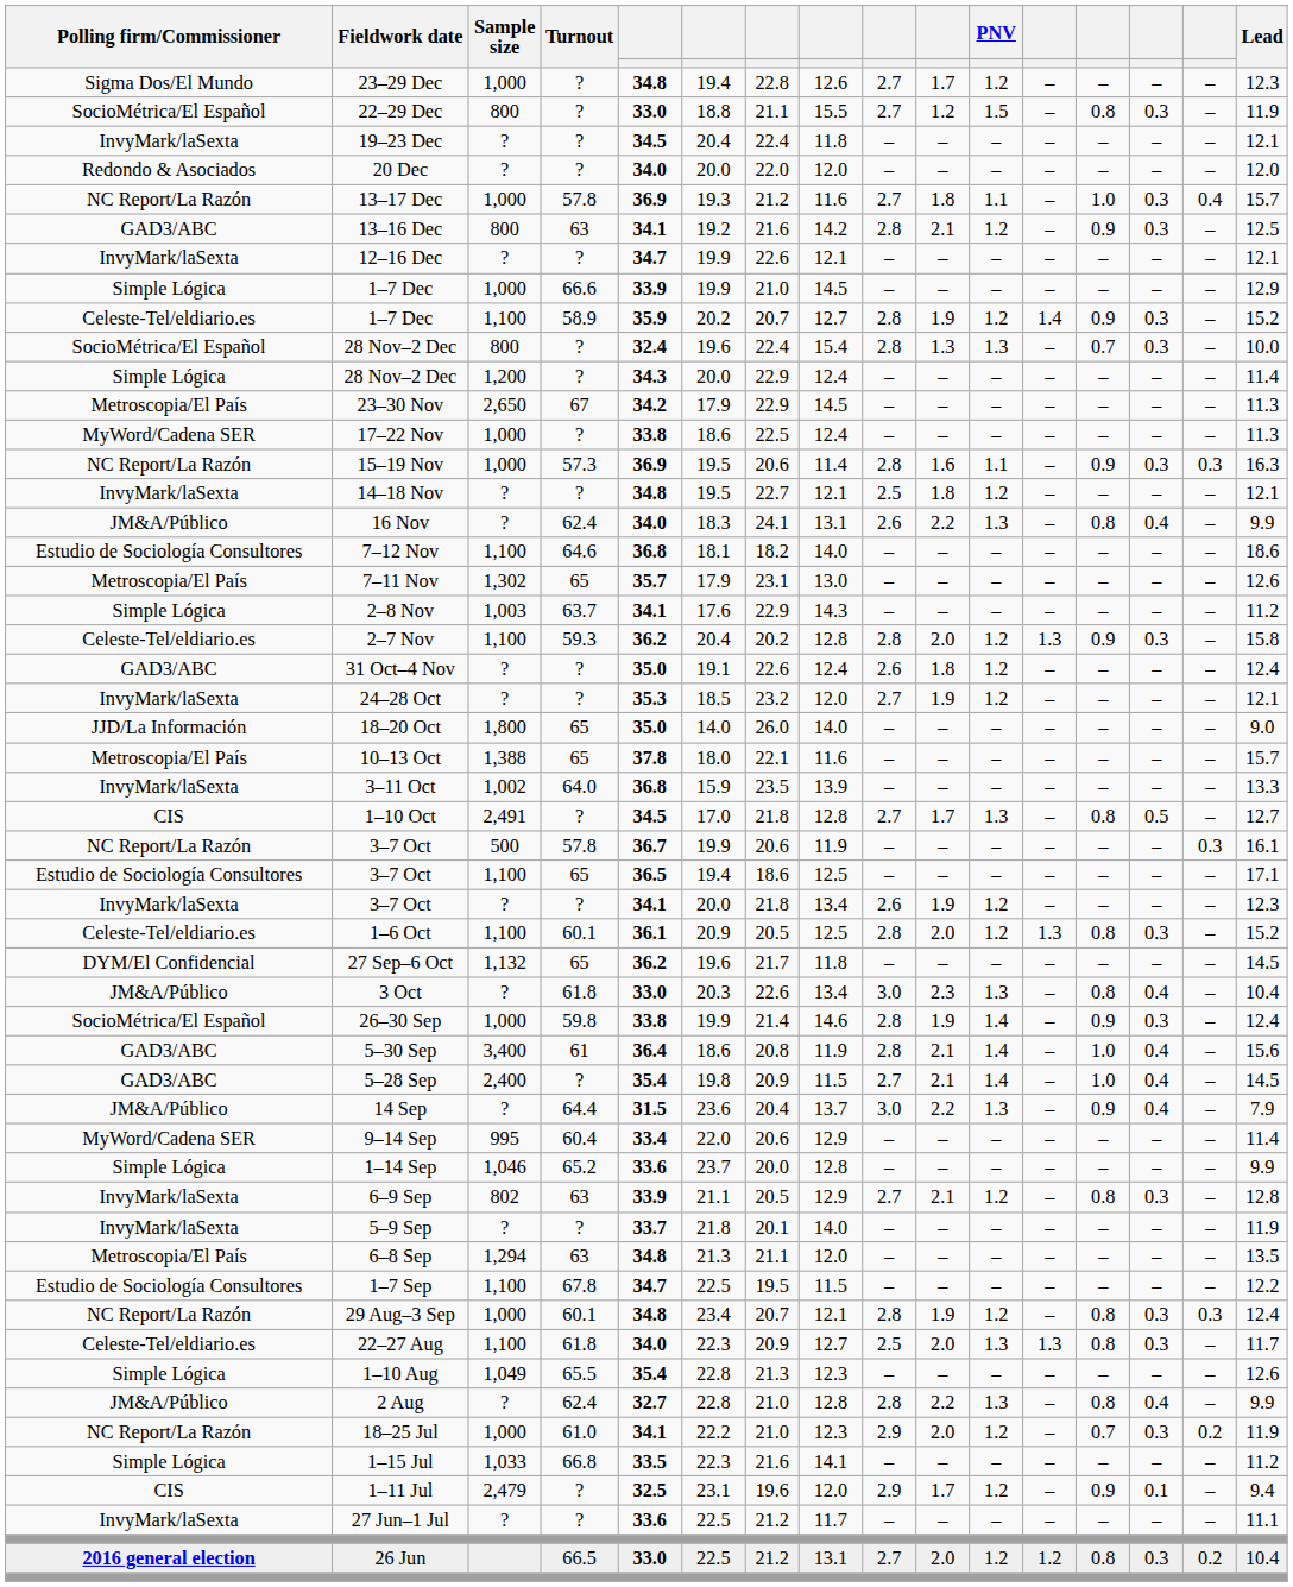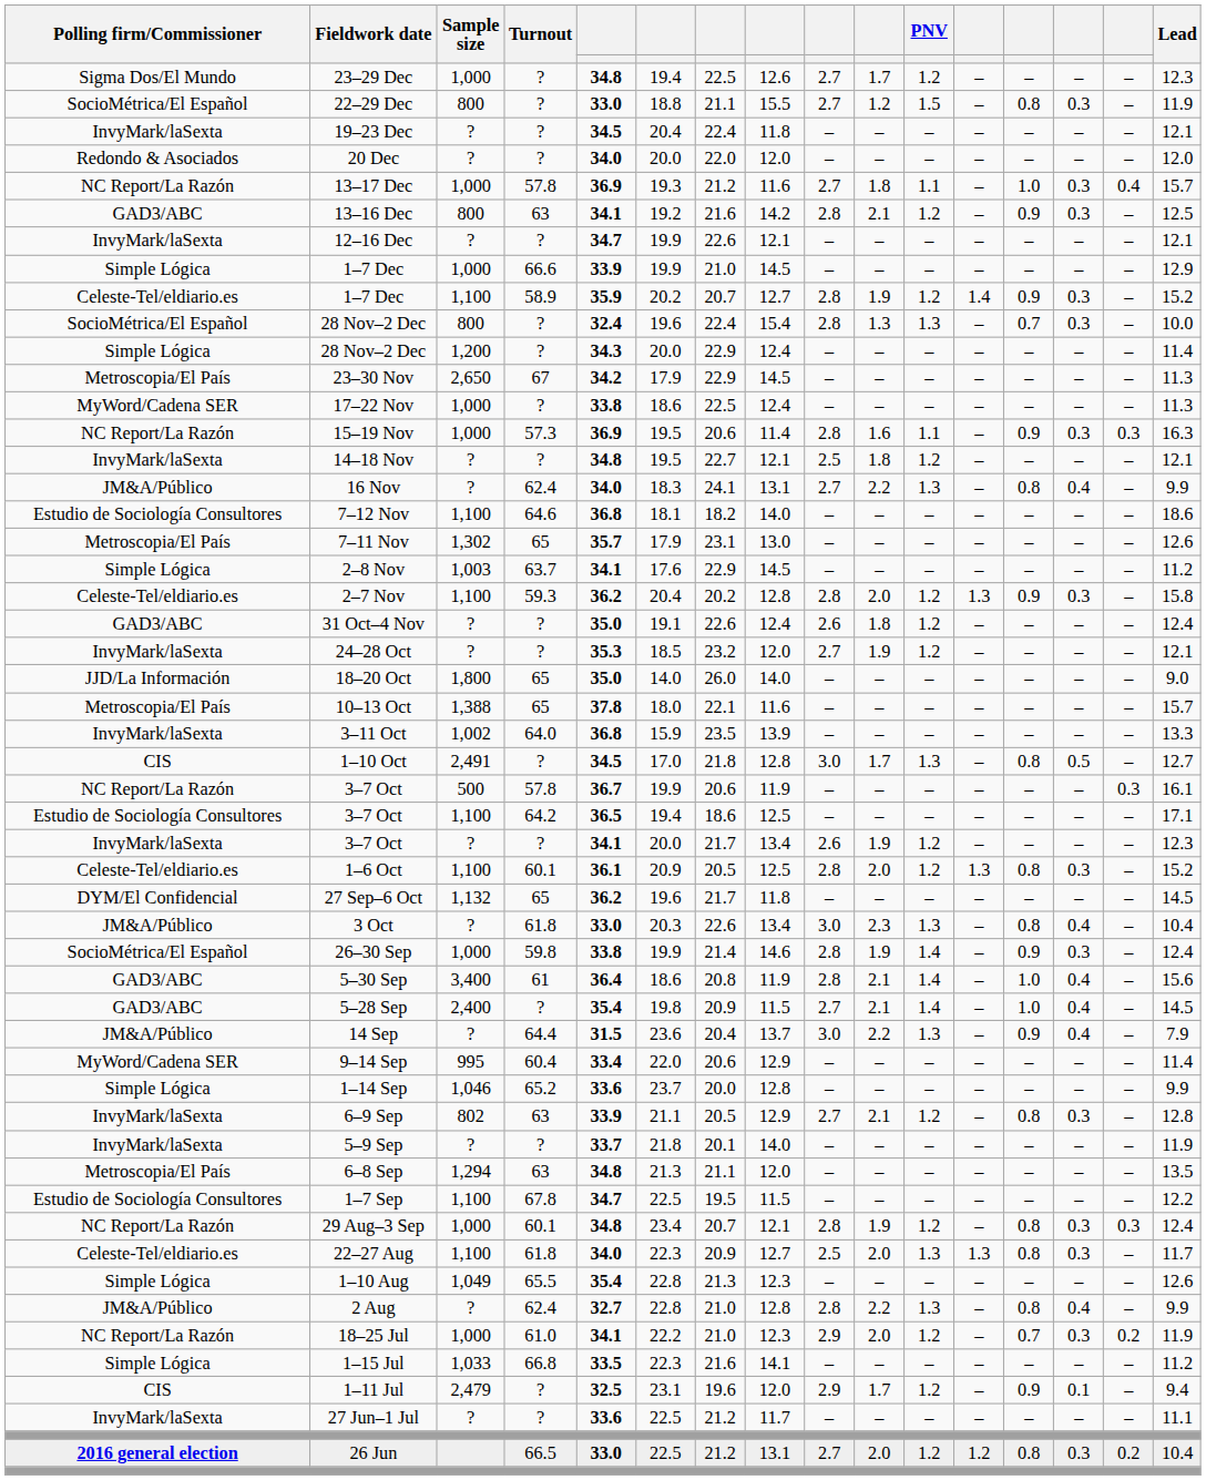 <table class="wikitable collapsible collapsed" style="text-align:center; font-size:95%; line-height:16px;">
 <tr style="height:42px;">
 <th style="width:250px;" rowspan="2">Polling firm/Commissioner</th>
 <th style="width:100px;" rowspan="2">Fieldwork date</th>
 <th style="width:50px;" rowspan="2">Sample size</th>
 <th style="width:45px;" rowspan="2">Turnout</th>
 <th style="width:43px;"></th>
 <th style="width:43px;"></th>
 <th style="width:35px;"></th>
 <th style="width:43px;"></th>
 <th style="width:35px;"></th>
 <th style="width:35px;"></th>
 <th style="width:35px;"><a href='#'>PNV</a></th>
 <th style="width:35px;"></th>
 <th style="width:35px;"></th>
 <th style="width:35px;"></th>
 <th style="width:35px;"></th>
 <th style="width:30px;" rowspan="2">Lead</th>
 </tr>
 <tr>
 <th style="color:inherit;background:"></th>
 <th style="color:inherit;background:"></th>
 <th style="color:inherit;background:"></th>
 <th style="color:inherit;background:"></th>
 <th style="color:inherit;background:"></th>
 <th style="color:inherit;background:"></th>
 <th style="color:inherit;background:"></th>
 <th style="color:inherit;background:"></th>
 <th style="color:inherit;background:"></th>
 <th style="color:inherit;background:"></th>
 <th style="color:inherit;background:"></th>
 </tr>
 <tr>
 <td>Sigma Dos/El Mundo</td>
 <td>23–29 Dec</td>
 <td>1,000</td>
 <td>?</td>
 <td><strong>34.8</strong></td>
 <td>19.4</td>
-<td>22.8</td>
+<td>22.5</td>
 <td>12.6</td>
 <td>2.7</td>
 <td>1.7</td>
 <td>1.2</td>
 <td>–</td>
 <td>–</td>
 <td>–</td>
 <td>–</td>
 <td style="background:">12.3</td>
 </tr>
 <tr>
 <td>SocioMétrica/El Español</td>
 <td>22–29 Dec</td>
 <td>800</td>
 <td>?</td>
 <td><strong>33.0</strong><br></td>
 <td>18.8<br></td>
 <td>21.1<br></td>
 <td>15.5<br></td>
 <td>2.7<br></td>
 <td>1.2<br></td>
 <td>1.5<br></td>
 <td>–</td>
 <td>0.8<br></td>
 <td>0.3<br></td>
 <td>–</td>
 <td style="background:">11.9</td>
 </tr>
 <tr>
 <td>InvyMark/laSexta</td>
 <td>19–23 Dec</td>
 <td>?</td>
 <td>?</td>
 <td><strong>34.5</strong></td>
 <td>20.4</td>
 <td>22.4</td>
 <td>11.8</td>
 <td>–</td>
 <td>–</td>
 <td>–</td>
 <td>–</td>
 <td>–</td>
 <td>–</td>
 <td>–</td>
 <td style="background:">12.1</td>
 </tr>
 <tr>
 <td>Redondo & Asociados</td>
 <td>20 Dec</td>
 <td>?</td>
 <td>?</td>
 <td><strong>34.0</strong></td>
 <td>20.0</td>
 <td>22.0</td>
 <td>12.0</td>
 <td>–</td>
 <td>–</td>
 <td>–</td>
 <td>–</td>
 <td>–</td>
 <td>–</td>
 <td>–</td>
 <td style="background:">12.0</td>
 </tr>
 <tr>
 <td>NC Report/La Razón</td>
 <td>13–17 Dec</td>
 <td>1,000</td>
 <td>57.8</td>
 <td><strong>36.9</strong><br></td>
 <td>19.3<br></td>
 <td>21.2<br></td>
 <td>11.6<br></td>
 <td>2.7<br></td>
 <td>1.8<br></td>
 <td>1.1<br></td>
 <td>–</td>
 <td>1.0<br></td>
 <td>0.3<br></td>
 <td>0.4<br></td>
 <td style="background:">15.7</td>
 </tr>
 <tr>
 <td>GAD3/ABC</td>
 <td>13–16 Dec</td>
 <td>800</td>
 <td>63</td>
 <td><strong>34.1</strong><br></td>
 <td>19.2<br></td>
 <td>21.6<br></td>
 <td>14.2<br></td>
 <td>2.8<br></td>
 <td>2.1<br></td>
 <td>1.2<br></td>
 <td>–</td>
 <td>0.9<br></td>
 <td>0.3<br></td>
 <td>–</td>
 <td style="background:">12.5</td>
 </tr>
 <tr>
 <td>InvyMark/laSexta</td>
 <td>12–16 Dec</td>
 <td>?</td>
 <td>?</td>
 <td><strong>34.7</strong></td>
 <td>19.9</td>
 <td>22.6</td>
 <td>12.1</td>
 <td>–</td>
 <td>–</td>
 <td>–</td>
 <td>–</td>
 <td>–</td>
 <td>–</td>
 <td>–</td>
 <td style="background:">12.1</td>
 </tr>
 <tr>
 <td>Simple Lógica</td>
 <td>1–7 Dec</td>
 <td>1,000</td>
 <td>66.6</td>
 <td><strong>33.9</strong></td>
 <td>19.9</td>
 <td>21.0</td>
 <td>14.5</td>
 <td>–</td>
 <td>–</td>
 <td>–</td>
 <td>–</td>
 <td>–</td>
 <td>–</td>
 <td>–</td>
 <td style="background:">12.9</td>
 </tr>
 <tr>
 <td>Celeste-Tel/eldiario.es</td>
 <td>1–7 Dec</td>
 <td>1,100</td>
 <td>58.9</td>
 <td><strong>35.9</strong><br></td>
 <td>20.2<br></td>
 <td>20.7<br></td>
 <td>12.7<br></td>
 <td>2.8<br></td>
 <td>1.9<br></td>
 <td>1.2<br></td>
 <td>1.4<br></td>
 <td>0.9<br></td>
 <td>0.3<br></td>
 <td>–</td>
 <td style="background:">15.2</td>
 </tr>
 <tr>
 <td>SocioMétrica/El Español</td>
 <td>28 Nov–2 Dec</td>
 <td>800</td>
 <td>?</td>
 <td><strong>32.4</strong><br></td>
 <td>19.6<br></td>
 <td>22.4<br></td>
 <td>15.4<br></td>
 <td>2.8<br></td>
 <td>1.3<br></td>
 <td>1.3<br></td>
 <td>–</td>
 <td>0.7<br></td>
 <td>0.3<br></td>
 <td>–</td>
 <td style="background:">10.0</td>
 </tr>
 <tr>
 <td>Simple Lógica</td>
 <td>28 Nov–2 Dec</td>
 <td>1,200</td>
 <td>?</td>
 <td><strong>34.3</strong></td>
 <td>20.0</td>
 <td>22.9</td>
 <td>12.4</td>
 <td>–</td>
 <td>–</td>
 <td>–</td>
 <td>–</td>
 <td>–</td>
 <td>–</td>
 <td>–</td>
 <td style="background:">11.4</td>
 </tr>
 <tr>
 <td>Metroscopia/El País</td>
 <td>23–30 Nov</td>
 <td>2,650</td>
 <td>67</td>
 <td><strong>34.2</strong></td>
 <td>17.9</td>
 <td>22.9</td>
 <td>14.5</td>
 <td>–</td>
 <td>–</td>
 <td>–</td>
 <td>–</td>
 <td>–</td>
 <td>–</td>
 <td>–</td>
 <td style="background:">11.3</td>
 </tr>
 <tr>
 <td>MyWord/Cadena SER</td>
 <td>17–22 Nov</td>
 <td>1,000</td>
 <td>?</td>
 <td><strong>33.8</strong></td>
 <td>18.6</td>
 <td>22.5</td>
 <td>12.4</td>
 <td>–</td>
 <td>–</td>
 <td>–</td>
 <td>–</td>
 <td>–</td>
 <td>–</td>
 <td>–</td>
 <td style="background:">11.3</td>
 </tr>
 <tr>
 <td>NC Report/La Razón</td>
 <td>15–19 Nov</td>
 <td>1,000</td>
 <td>57.3</td>
 <td><strong>36.9</strong><br></td>
 <td>19.5<br></td>
 <td>20.6<br></td>
 <td>11.4<br></td>
 <td>2.8<br></td>
 <td>1.6<br></td>
 <td>1.1<br></td>
 <td>–</td>
 <td>0.9<br></td>
 <td>0.3<br></td>
 <td>0.3<br></td>
 <td style="background:">16.3</td>
 </tr>
 <tr>
 <td>InvyMark/laSexta</td>
 <td>14–18 Nov</td>
 <td>?</td>
 <td>?</td>
 <td><strong>34.8</strong></td>
 <td>19.5</td>
 <td>22.7</td>
 <td>12.1</td>
 <td>2.5</td>
 <td>1.8</td>
 <td>1.2</td>
 <td>–</td>
 <td>–</td>
 <td>–</td>
 <td>–</td>
 <td style="background:">12.1</td>
 </tr>
 <tr>
 <td>JM&A/Público</td>
 <td>16 Nov</td>
 <td>?</td>
 <td>62.4</td>
 <td><strong>34.0</strong><br></td>
 <td>18.3<br></td>
 <td>24.1<br></td>
 <td>13.1<br></td>
-<td>2.6</td>
+<td>2.7<br></td>
 <td>2.2<br></td>
 <td>1.3<br></td>
 <td>–</td>
 <td>0.8<br></td>
 <td>0.4<br></td>
 <td>–</td>
 <td style="background:">9.9</td>
 </tr>
 <tr>
 <td>Estudio de Sociología Consultores</td>
 <td>7–12 Nov</td>
 <td>1,100</td>
 <td>64.6</td>
 <td><strong>36.8</strong></td>
 <td>18.1</td>
 <td>18.2</td>
 <td>14.0</td>
 <td>–</td>
 <td>–</td>
 <td>–</td>
 <td>–</td>
 <td>–</td>
 <td>–</td>
 <td>–</td>
 <td style="background:">18.6</td>
 </tr>
 <tr>
 <td>Metroscopia/El País</td>
 <td>7–11 Nov</td>
 <td>1,302</td>
 <td>65</td>
 <td><strong>35.7</strong></td>
 <td>17.9</td>
 <td>23.1</td>
 <td>13.0</td>
 <td>–</td>
 <td>–</td>
 <td>–</td>
 <td>–</td>
 <td>–</td>
 <td>–</td>
 <td>–</td>
 <td style="background:">12.6</td>
 </tr>
 <tr>
 <td>Simple Lógica</td>
 <td>2–8 Nov</td>
 <td>1,003</td>
 <td>63.7</td>
 <td><strong>34.1</strong></td>
 <td>17.6</td>
 <td>22.9</td>
-<td>14.3</td>
+<td>14.5</td>
 <td>–</td>
 <td>–</td>
 <td>–</td>
 <td>–</td>
 <td>–</td>
 <td>–</td>
 <td>–</td>
 <td style="background:">11.2</td>
 </tr>
 <tr>
 <td>Celeste-Tel/eldiario.es</td>
 <td>2–7 Nov</td>
 <td>1,100</td>
 <td>59.3</td>
 <td><strong>36.2</strong><br></td>
 <td>20.4<br></td>
 <td>20.2<br></td>
 <td>12.8<br></td>
 <td>2.8<br></td>
 <td>2.0<br></td>
 <td>1.2<br></td>
 <td>1.3<br></td>
 <td>0.9<br></td>
 <td>0.3<br></td>
 <td>–</td>
 <td style="background:">15.8</td>
 </tr>
 <tr>
 <td>GAD3/ABC</td>
 <td>31 Oct–4 Nov</td>
 <td>?</td>
 <td>?</td>
 <td><strong>35.0</strong></td>
 <td>19.1</td>
 <td>22.6</td>
 <td>12.4</td>
 <td>2.6</td>
 <td>1.8</td>
 <td>1.2</td>
 <td>–</td>
 <td>–</td>
 <td>–</td>
 <td>–</td>
 <td style="background:">12.4</td>
 </tr>
 <tr>
 <td>InvyMark/laSexta</td>
 <td>24–28 Oct</td>
 <td>?</td>
 <td>?</td>
 <td><strong>35.3</strong></td>
 <td>18.5</td>
 <td>23.2</td>
 <td>12.0</td>
 <td>2.7</td>
 <td>1.9</td>
 <td>1.2</td>
 <td>–</td>
 <td>–</td>
 <td>–</td>
 <td>–</td>
 <td style="background:">12.1</td>
 </tr>
 <tr>
 <td>JJD/La Información</td>
 <td>18–20 Oct</td>
 <td>1,800</td>
 <td>65</td>
 <td><strong>35.0</strong></td>
 <td>14.0</td>
 <td>26.0</td>
 <td>14.0</td>
 <td>–</td>
 <td>–</td>
 <td>–</td>
 <td>–</td>
 <td>–</td>
 <td>–</td>
 <td>–</td>
 <td style="background:">9.0</td>
 </tr>
 <tr>
 <td>Metroscopia/El País</td>
 <td>10–13 Oct</td>
 <td>1,388</td>
 <td>65</td>
 <td><strong>37.8</strong></td>
 <td>18.0</td>
 <td>22.1</td>
 <td>11.6</td>
 <td>–</td>
 <td>–</td>
 <td>–</td>
 <td>–</td>
 <td>–</td>
 <td>–</td>
 <td>–</td>
 <td style="background:">15.7</td>
 </tr>
 <tr>
 <td>InvyMark/laSexta</td>
 <td>3–11 Oct</td>
 <td>1,002</td>
 <td>64.0</td>
 <td><strong>36.8</strong></td>
 <td>15.9</td>
 <td>23.5</td>
 <td>13.9</td>
 <td>–</td>
 <td>–</td>
 <td>–</td>
 <td>–</td>
 <td>–</td>
 <td>–</td>
 <td>–</td>
 <td style="background:">13.3</td>
 </tr>
 <tr>
 <td>CIS</td>
 <td>1–10 Oct</td>
 <td>2,491</td>
 <td>?</td>
 <td><strong>34.5</strong><br></td>
 <td>17.0<br></td>
 <td>21.8<br></td>
 <td>12.8<br></td>
-<td>2.7<br></td>
+<td>3.0<br></td>
 <td>1.7<br></td>
 <td>1.3<br></td>
 <td>–</td>
 <td>0.8<br></td>
 <td>0.5<br></td>
 <td>–</td>
 <td style="background:">12.7</td>
 </tr>
 <tr>
 <td>NC Report/La Razón</td>
 <td>3–7 Oct</td>
 <td>500</td>
 <td>57.8</td>
 <td><strong>36.7</strong></td>
 <td>19.9</td>
 <td>20.6</td>
 <td>11.9</td>
 <td>–</td>
 <td>–</td>
 <td>–</td>
 <td>–</td>
 <td>–</td>
 <td>–</td>
 <td>0.3</td>
 <td style="background:">16.1</td>
 </tr>
 <tr>
 <td>Estudio de Sociología Consultores</td>
 <td>3–7 Oct</td>
 <td>1,100</td>
-<td>65</td>
+<td>64.2</td>
 <td><strong>36.5</strong></td>
 <td>19.4</td>
 <td>18.6</td>
 <td>12.5</td>
 <td>–</td>
 <td>–</td>
 <td>–</td>
 <td>–</td>
 <td>–</td>
 <td>–</td>
 <td>–</td>
 <td style="background:">17.1</td>
 </tr>
 <tr>
 <td>InvyMark/laSexta</td>
 <td>3–7 Oct</td>
 <td>?</td>
 <td>?</td>
 <td><strong>34.1</strong></td>
 <td>20.0</td>
-<td>21.8</td>
+<td>21.7</td>
 <td>13.4</td>
 <td>2.6</td>
 <td>1.9</td>
 <td>1.2</td>
 <td>–</td>
 <td>–</td>
 <td>–</td>
 <td>–</td>
 <td style="background:">12.3</td>
 </tr>
 <tr>
 <td>Celeste-Tel/eldiario.es</td>
 <td>1–6 Oct</td>
 <td>1,100</td>
 <td>60.1</td>
 <td><strong>36.1</strong><br></td>
 <td>20.9<br></td>
 <td>20.5<br></td>
 <td>12.5<br></td>
 <td>2.8<br></td>
 <td>2.0<br></td>
 <td>1.2<br></td>
 <td>1.3<br></td>
 <td>0.8<br></td>
 <td>0.3<br></td>
 <td>–</td>
 <td style="background:">15.2</td>
 </tr>
 <tr>
 <td>DYM/El Confidencial</td>
 <td>27 Sep–6 Oct</td>
 <td>1,132</td>
 <td>65</td>
 <td><strong>36.2</strong></td>
 <td>19.6</td>
 <td>21.7</td>
 <td>11.8</td>
 <td>–</td>
 <td>–</td>
 <td>–</td>
 <td>–</td>
 <td>–</td>
 <td>–</td>
 <td>–</td>
 <td style="background:">14.5</td>
 </tr>
 <tr>
 <td>JM&A/Público</td>
 <td>3 Oct</td>
 <td>?</td>
 <td>61.8</td>
 <td><strong>33.0</strong><br></td>
 <td>20.3<br></td>
 <td>22.6<br></td>
 <td>13.4<br></td>
 <td>3.0<br></td>
 <td>2.3<br></td>
 <td>1.3<br></td>
 <td>–</td>
 <td>0.8<br></td>
 <td>0.4<br></td>
 <td>–</td>
 <td style="background:">10.4</td>
 </tr>
 <tr>
 <td>SocioMétrica/El Español</td>
 <td>26–30 Sep</td>
 <td>1,000</td>
 <td>59.8</td>
 <td><strong>33.8</strong><br></td>
 <td>19.9<br></td>
 <td>21.4<br></td>
 <td>14.6<br></td>
 <td>2.8<br></td>
 <td>1.9<br></td>
 <td>1.4<br></td>
 <td>–</td>
 <td>0.9<br></td>
 <td>0.3<br></td>
 <td>–</td>
 <td style="background:">12.4</td>
 </tr>
 <tr>
 <td>GAD3/ABC</td>
 <td>5–30 Sep</td>
 <td>3,400</td>
 <td>61</td>
 <td><strong>36.4</strong><br></td>
 <td>18.6<br></td>
 <td>20.8<br></td>
 <td>11.9<br></td>
 <td>2.8<br></td>
 <td>2.1<br></td>
 <td>1.4<br></td>
 <td>–</td>
 <td>1.0<br></td>
 <td>0.4<br></td>
 <td>–</td>
 <td style="background:">15.6</td>
 </tr>
 <tr>
 <td>GAD3/ABC</td>
 <td>5–28 Sep</td>
 <td>2,400</td>
 <td>?</td>
 <td><strong>35.4</strong><br></td>
 <td>19.8<br></td>
 <td>20.9<br></td>
 <td>11.5<br></td>
 <td>2.7<br></td>
 <td>2.1<br></td>
 <td>1.4<br></td>
 <td>–</td>
 <td>1.0<br></td>
 <td>0.4<br></td>
 <td>–</td>
 <td style="background:">14.5</td>
 </tr>
 <tr>
 <td>JM&A/Público</td>
 <td>14 Sep</td>
 <td>?</td>
 <td>64.4</td>
 <td><strong>31.5</strong><br></td>
 <td>23.6<br></td>
 <td>20.4<br></td>
 <td>13.7<br></td>
 <td>3.0<br></td>
 <td>2.2<br></td>
 <td>1.3<br></td>
 <td>–</td>
 <td>0.9<br></td>
 <td>0.4<br></td>
 <td>–</td>
 <td style="background:">7.9</td>
 </tr>
 <tr>
 <td>MyWord/Cadena SER</td>
 <td>9–14 Sep</td>
 <td>995</td>
 <td>60.4</td>
 <td><strong>33.4</strong></td>
 <td>22.0</td>
 <td>20.6</td>
 <td>12.9</td>
 <td>–</td>
 <td>–</td>
 <td>–</td>
 <td>–</td>
 <td>–</td>
 <td>–</td>
 <td>–</td>
 <td style="background:">11.4</td>
 </tr>
 <tr>
 <td>Simple Lógica</td>
 <td>1–14 Sep</td>
 <td>1,046</td>
 <td>65.2</td>
 <td><strong>33.6</strong></td>
 <td>23.7</td>
 <td>20.0</td>
 <td>12.8</td>
 <td>–</td>
 <td>–</td>
 <td>–</td>
 <td>–</td>
 <td>–</td>
 <td>–</td>
 <td>–</td>
 <td style="background:">9.9</td>
 </tr>
 <tr>
 <td>InvyMark/laSexta</td>
 <td>6–9 Sep</td>
 <td>802</td>
 <td>63</td>
 <td><strong>33.9</strong><br></td>
 <td>21.1<br></td>
 <td>20.5<br></td>
 <td>12.9<br></td>
 <td>2.7<br></td>
 <td>2.1<br></td>
 <td>1.2<br></td>
 <td>–</td>
 <td>0.8<br></td>
 <td>0.3<br></td>
 <td>–</td>
 <td style="background:">12.8</td>
 </tr>
 <tr>
 <td>InvyMark/laSexta</td>
 <td>5–9 Sep</td>
 <td>?</td>
 <td>?</td>
 <td><strong>33.7</strong></td>
 <td>21.8</td>
 <td>20.1</td>
 <td>14.0</td>
 <td>–</td>
 <td>–</td>
 <td>–</td>
 <td>–</td>
 <td>–</td>
 <td>–</td>
 <td>–</td>
 <td style="background:">11.9</td>
 </tr>
 <tr>
 <td>Metroscopia/El País</td>
 <td>6–8 Sep</td>
 <td>1,294</td>
 <td>63</td>
 <td><strong>34.8</strong></td>
 <td>21.3</td>
 <td>21.1</td>
 <td>12.0</td>
 <td>–</td>
 <td>–</td>
 <td>–</td>
 <td>–</td>
 <td>–</td>
 <td>–</td>
 <td>–</td>
 <td style="background:">13.5</td>
 </tr>
 <tr>
 <td>Estudio de Sociología Consultores</td>
 <td>1–7 Sep</td>
 <td>1,100</td>
 <td>67.8</td>
 <td><strong>34.7</strong><br></td>
 <td>22.5<br></td>
 <td>19.5<br></td>
 <td>11.5<br></td>
 <td>–</td>
 <td>–</td>
 <td>–</td>
 <td>–</td>
 <td>–</td>
 <td>–</td>
 <td>–</td>
 <td style="background:">12.2</td>
 </tr>
 <tr>
 <td>NC Report/La Razón</td>
 <td>29 Aug–3 Sep</td>
 <td>1,000</td>
 <td>60.1</td>
 <td><strong>34.8</strong><br></td>
 <td>23.4<br></td>
 <td>20.7<br></td>
 <td>12.1<br></td>
 <td>2.8<br></td>
 <td>1.9<br></td>
 <td>1.2<br></td>
 <td>–</td>
 <td>0.8<br></td>
 <td>0.3<br></td>
 <td>0.3<br></td>
 <td style="background:">12.4</td>
 </tr>
 <tr>
 <td>Celeste-Tel/eldiario.es</td>
 <td>22–27 Aug</td>
 <td>1,100</td>
 <td>61.8</td>
 <td><strong>34.0</strong><br></td>
 <td>22.3<br></td>
 <td>20.9<br></td>
 <td>12.7<br></td>
 <td>2.5<br></td>
 <td>2.0<br></td>
 <td>1.3<br></td>
 <td>1.3<br></td>
 <td>0.8<br></td>
 <td>0.3<br></td>
 <td>–</td>
 <td style="background:">11.7</td>
 </tr>
 <tr>
 <td>Simple Lógica</td>
 <td>1–10 Aug</td>
 <td>1,049</td>
 <td>65.5</td>
 <td><strong>35.4</strong></td>
 <td>22.8</td>
 <td>21.3</td>
 <td>12.3</td>
 <td>–</td>
 <td>–</td>
 <td>–</td>
 <td>–</td>
 <td>–</td>
 <td>–</td>
 <td>–</td>
 <td style="background:">12.6</td>
 </tr>
 <tr>
 <td>JM&A/Público</td>
 <td>2 Aug</td>
 <td>?</td>
 <td>62.4</td>
 <td><strong>32.7</strong><br></td>
 <td>22.8<br></td>
 <td>21.0<br></td>
 <td>12.8<br></td>
 <td>2.8<br></td>
 <td>2.2<br></td>
 <td>1.3<br></td>
 <td>–</td>
 <td>0.8<br></td>
 <td>0.4<br></td>
 <td>–</td>
 <td style="background:">9.9</td>
 </tr>
 <tr>
 <td>NC Report/La Razón</td>
 <td>18–25 Jul</td>
 <td>1,000</td>
 <td>61.0</td>
 <td><strong>34.1</strong><br></td>
 <td>22.2<br></td>
 <td>21.0<br></td>
 <td>12.3<br></td>
 <td>2.9<br></td>
 <td>2.0<br></td>
 <td>1.2<br></td>
 <td>–</td>
 <td>0.7<br></td>
 <td>0.3<br></td>
 <td>0.2<br></td>
 <td style="background:">11.9</td>
 </tr>
 <tr>
 <td>Simple Lógica</td>
 <td>1–15 Jul</td>
 <td>1,033</td>
 <td>66.8</td>
 <td><strong>33.5</strong></td>
 <td>22.3</td>
 <td>21.6</td>
 <td>14.1</td>
 <td>–</td>
 <td>–</td>
 <td>–</td>
 <td>–</td>
 <td>–</td>
 <td>–</td>
 <td>–</td>
 <td style="background:">11.2</td>
 </tr>
 <tr>
 <td>CIS</td>
 <td>1–11 Jul</td>
 <td>2,479</td>
 <td>?</td>
 <td><strong>32.5</strong><br></td>
 <td>23.1<br></td>
 <td>19.6<br></td>
 <td>12.0<br></td>
 <td>2.9<br></td>
 <td>1.7<br></td>
 <td>1.2<br></td>
 <td>–</td>
 <td>0.9<br></td>
 <td>0.1<br></td>
 <td>–</td>
 <td style="background:">9.4</td>
 </tr>
 <tr>
 <td>InvyMark/laSexta</td>
 <td>27 Jun–1 Jul</td>
 <td>?</td>
 <td>?</td>
 <td><strong>33.6</strong></td>
 <td>22.5</td>
 <td>21.2</td>
 <td>11.7</td>
 <td>–</td>
 <td>–</td>
 <td>–</td>
 <td>–</td>
 <td>–</td>
 <td>–</td>
 <td>–</td>
 <td style="background:">11.1</td>
 </tr>
 <tr>
 <td colspan="16" style="background:#A0A0A0"></td>
 </tr>
 <tr style="background:#EFEFEF;">
 <td><strong><a href='#'>2016 general election</a></strong></td>
 <td>26 Jun</td>
 <td></td>
 <td>66.5</td>
 <td><strong>33.0</strong><br></td>
 <td>22.5<br></td>
 <td>21.2<br></td>
 <td>13.1<br></td>
 <td>2.7<br></td>
 <td>2.0<br></td>
 <td>1.2<br></td>
 <td>1.2<br></td>
 <td>0.8<br></td>
 <td>0.3<br></td>
 <td>0.2<br></td>
 <td style="background:">10.4</td>
 </tr>
 <tr>
 <td colspan="16" style="background:#A0A0A0"></td>
 </tr>
 </table>
